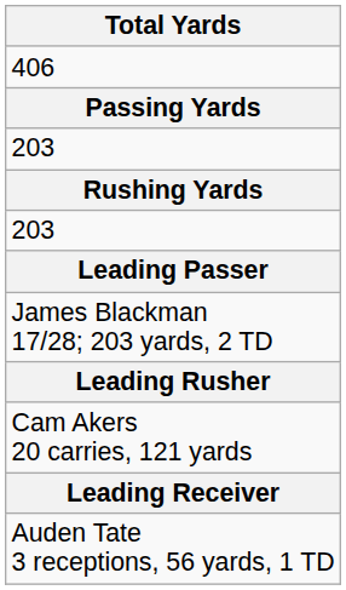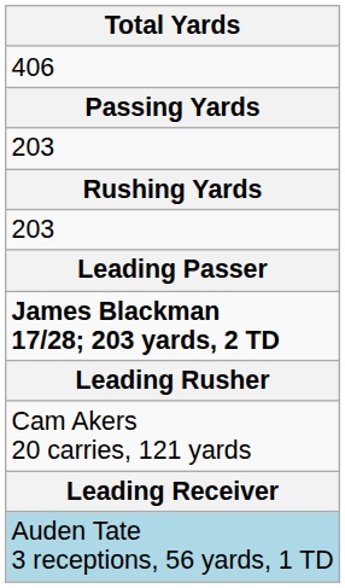 <table class="wikitable">
 <tr>
 <th>Total Yards</th>
 </tr>
 <tr>
 <td>406</td>
 </tr>
 <tr>
 <th>Passing Yards</th>
 </tr>
 <tr>
 <td>203</td>
 </tr>
 <tr>
 <th>Rushing Yards</th>
 </tr>
 <tr>
 <td>203</td>
 </tr>
 <tr>
 <th>Leading Passer</th>
 </tr>
 <tr>
-<td>James Blackman<br>17/28; 203 yards, 2 TD</td>
+<td><strong>James Blackman<br>17/28; 203 yards, 2 TD</strong></td>
 </tr>
 <tr>
 <th>Leading Rusher</th>
 </tr>
 <tr>
 <td>Cam Akers<br>20 carries, 121 yards</td>
 </tr>
 <tr>
 <th>Leading Receiver</th>
 </tr>
 <tr>
-<td>Auden Tate<br>3 receptions, 56 yards, 1 TD</td>
+<td style="background: lightblue;">Auden Tate<br>3 receptions, 56 yards, 1 TD</td>
 </tr>
 </table>
